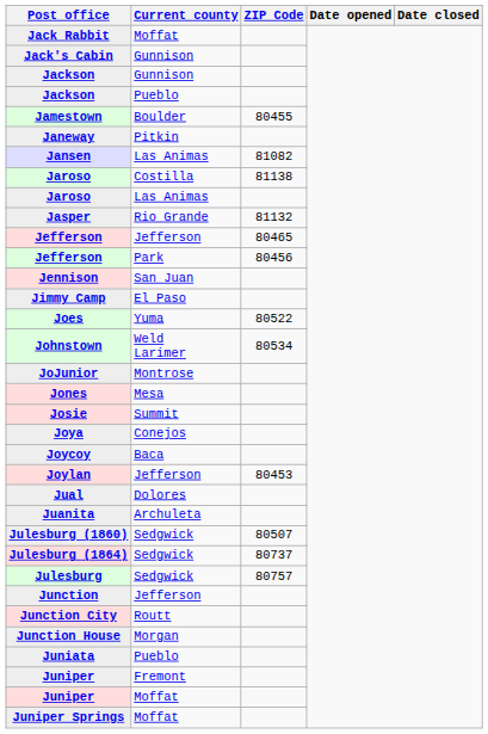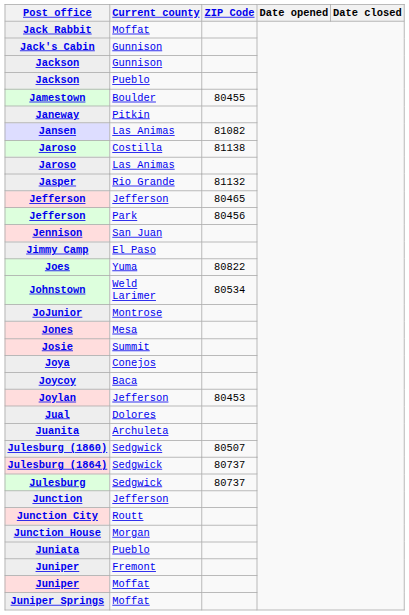 <table class="wikitable sortable  plainrowheaders" style="margin:auto;">
 <tr>
 <th scope=col><a href='#'>Post office</a></th>
 <th scope=col><a href='#'>Current county</a></th>
 <th scope=col><a href='#'>ZIP Code</a></th>
 <th scope=col>Date opened</th>
 <th scope=col>Date closed</th>
 </tr>
 <tr>
 <th scope=row rowspan=1 style="background-color:#EEEEEE;"><a href='#'>Jack Rabbit</a></th>
 <td rowspan=1><a href='#'>Moffat</a></td>
 <td rowspan=1 align=center style="font-family:monospace;"><br> </td>
 </tr>
 <tr>
 <th scope=row rowspan=1 style="background-color:#EEEEEE;"><a href='#'>Jack's Cabin</a></th>
 <td rowspan=1><a href='#'>Gunnison</a></td>
 <td rowspan=1 align=center style="font-family:monospace;"><br> </td>
 </tr>
 <tr>
 <th scope=row rowspan=1 style="background-color:#EEEEEE;"><a href='#'>Jackson</a></th>
 <td rowspan=1><a href='#'>Gunnison</a></td>
 <td rowspan=1 align=center style="font-family:monospace;"><br> </td>
 </tr>
 <tr>
 <th scope=row rowspan=1 style="background-color:#EEEEEE;"><a href='#'>Jackson</a></th>
 <td rowspan=1><a href='#'>Pueblo</a></td>
 <td rowspan=1 align=center style="font-family:monospace;"><br> </td>
 </tr>
 <tr>
 <th scope=row rowspan=2 style="background-color:#DDFFDD;"><a href='#'>Jamestown</a></th>
 <td rowspan=2><a href='#'>Boulder</a></td>
 <td rowspan=2 align=center style="font-family:monospace;">80455<br> </td>
 </tr>
 <tr>
 </tr>
 <tr>
 <th scope=row rowspan=1 style="background-color:#EEEEEE;"><a href='#'>Janeway</a></th>
 <td rowspan=1><a href='#'>Pitkin</a></td>
 <td rowspan=1 align=center style="font-family:monospace;"><br> </td>
 </tr>
 <tr>
 <th scope=row rowspan=3 style="background-color:#DDDDFF;"><a href='#'>Jansen</a></th>
 <td rowspan=3><a href='#'>Las Animas</a></td>
 <td rowspan=3 align=center style="font-family:monospace;">81082<br> </td>
 </tr>
 <tr>
 </tr>
 <tr>
 </tr>
 <tr>
 <th scope=row rowspan=1 style="background-color:#DDFFDD;"><a href='#'>Jaroso</a></th>
 <td rowspan=1><a href='#'>Costilla</a></td>
 <td rowspan=1 align=center style="font-family:monospace;">81138<br> </td>
 </tr>
 <tr>
 <th scope=row rowspan=1 style="background-color:#EEEEEE;"><a href='#'>Jaroso</a></th>
 <td rowspan=1><a href='#'>Las Animas</a></td>
 <td rowspan=1 align=center style="font-family:monospace;"><br> </td>
 </tr>
 <tr>
 <th scope=row rowspan=3 style="background-color:#EEEEEE;"><a href='#'>Jasper</a></th>
 <td rowspan=3><a href='#'>Rio Grande</a></td>
 <td rowspan=3 align=center style="font-family:monospace;">81132<br> </td>
 </tr>
 <tr>
 </tr>
 <tr>
 </tr>
 <tr>
 <th scope=row rowspan=1 style="background-color:#FFDDDD;"><a href='#'>Jefferson</a></th>
 <td rowspan=1><a href='#'>Jefferson</a></td>
 <td rowspan=1 align=center style="font-family:monospace;">80465<br> </td>
 </tr>
 <tr>
 <th scope=row rowspan=2 style="background-color:#DDFFDD;"><a href='#'>Jefferson</a></th>
 <td rowspan=2><a href='#'>Park</a></td>
 <td rowspan=2 align=center style="font-family:monospace;">80456<br> </td>
 </tr>
 <tr>
 </tr>
 <tr>
 <th scope=row rowspan=3 style="background-color:#FFDDDD;"><a href='#'>Jennison</a></th>
 <td rowspan=3><a href='#'>San Juan</a></td>
 <td rowspan=3 align=center style="font-family:monospace;"><br> </td>
 </tr>
 <tr>
 </tr>
 <tr>
 </tr>
 <tr>
 <th scope=row rowspan=1 style="background-color:#EEEEEE;"><a href='#'>Jimmy Camp</a></th>
 <td rowspan=1><a href='#'>El Paso</a></td>
 <td rowspan=1 align=center style="font-family:monospace;"><br> </td>
 </tr>
 <tr>
 <th scope=row rowspan=1 style="background-color:#DDFFDD;"><a href='#'>Joes</a></th>
 <td rowspan=1><a href='#'>Yuma</a></td>
-<td rowspan=1 align=center style="font-family:monospace;">80522<br> </td>
+<td rowspan=1 align=center style="font-family:monospace;">80822<br> </td>
 </tr>
 <tr>
 <th scope=row rowspan=1 style="background-color:#DDFFDD;"><a href='#'>Johnstown</a></th>
 <td rowspan=1><a href='#'>Weld</a><br><a href='#'>Larimer</a></td>
 <td rowspan=1 align=center style="font-family:monospace;">80534<br> </td>
 </tr>
 <tr>
 <th scope=row rowspan=1 style="background-color:#EEEEEE;"><a href='#'>JoJunior</a></th>
 <td rowspan=1><a href='#'>Montrose</a></td>
 <td rowspan=1 align=center style="font-family:monospace;"><br> </td>
 </tr>
 <tr>
 <th scope=row rowspan=1 style="background-color:#FFDDDD;"><a href='#'>Jones</a></th>
 <td rowspan=1><a href='#'>Mesa</a></td>
 <td rowspan=1 align=center style="font-family:monospace;"><br> </td>
 </tr>
 <tr>
 <th scope=row rowspan=1 style="background-color:#FFDDDD;"><a href='#'>Josie</a></th>
 <td rowspan=1><a href='#'>Summit</a></td>
 <td rowspan=1 align=center style="font-family:monospace;"><br> </td>
 </tr>
 <tr>
 <th scope=row rowspan=1 style="background-color:#EEEEEE;"><a href='#'>Joya</a></th>
 <td rowspan=1><a href='#'>Conejos</a></td>
 <td rowspan=1 align=center style="font-family:monospace;"><br> </td>
 </tr>
 <tr>
 <th scope=row rowspan=1 style="background-color:#EEEEEE;"><a href='#'>Joycoy</a></th>
 <td rowspan=1><a href='#'>Baca</a></td>
 <td rowspan=1 align=center style="font-family:monospace;"><br> </td>
 </tr>
 <tr>
 <th scope=row rowspan=1 style="background-color:#FFDDDD;"><a href='#'>Joylan</a></th>
 <td rowspan=1><a href='#'>Jefferson</a></td>
 <td rowspan=1 align=center style="font-family:monospace;">80453<br> </td>
 </tr>
 <tr>
 <th scope=row rowspan=1 style="background-color:#EEEEEE;"><a href='#'>Jual</a></th>
 <td rowspan=1><a href='#'>Dolores</a></td>
 <td rowspan=1 align=center style="font-family:monospace;"><br> </td>
 </tr>
 <tr>
 <th scope=row rowspan=1 style="background-color:#EEEEEE;"><a href='#'>Juanita</a></th>
 <td rowspan=1><a href='#'>Archuleta</a></td>
 <td rowspan=1 align=center style="font-family:monospace;"><br> </td>
 </tr>
 <tr>
 <th scope=row rowspan=1 style="background-color:#EEEEEE;"><a href='#'>Julesburg (1860)</a></th>
 <td rowspan=1><a href='#'>Sedgwick</a></td>
 <td rowspan=1 align=center style="font-family:monospace;">80507<br> </td>
 </tr>
 <tr>
 <th scope=row rowspan=8 style="background-color:#FFDDDD;"><a href='#'>Julesburg (1864)</a></th>
 <td rowspan=8><a href='#'>Sedgwick</a></td>
 <td rowspan=8 align=center style="font-family:monospace;">80737<br> </td>
 </tr>
 <tr>
 </tr>
 <tr>
 </tr>
 <tr>
 </tr>
 <tr>
 </tr>
 <tr>
 </tr>
 <tr>
 </tr>
 <tr>
 </tr>
 <tr>
 <th scope=row rowspan=1 style="background-color:#DDFFDD;"><a href='#'>Julesburg</a></th>
 <td rowspan=1><a href='#'>Sedgwick</a></td>
-<td rowspan=1 align=center style="font-family:monospace;">80757<br> </td>
+<td rowspan=1 align=center style="font-family:monospace;">80737<br> </td>
 </tr>
 <tr>
 <th scope=row rowspan=1 style="background-color:#EEEEEE;"><a href='#'>Junction</a></th>
 <td rowspan=1><a href='#'>Jefferson</a></td>
 <td rowspan=1 align=center style="font-family:monospace;"><br> </td>
 </tr>
 <tr>
 <th scope=row rowspan=1 style="background-color:#FFDDDD;"><a href='#'>Junction City</a></th>
 <td rowspan=1><a href='#'>Routt</a></td>
 <td rowspan=1 align=center style="font-family:monospace;"><br> </td>
 </tr>
 <tr>
 <th scope=row rowspan=1 style="background-color:#EEEEEE;"><a href='#'>Junction House</a></th>
 <td rowspan=1><a href='#'>Morgan</a></td>
 <td rowspan=1 align=center style="font-family:monospace;"><br> </td>
 </tr>
 <tr>
 <th scope=row rowspan=1 style="background-color:#EEEEEE;"><a href='#'>Juniata</a></th>
 <td rowspan=1><a href='#'>Pueblo</a></td>
 <td rowspan=1 align=center style="font-family:monospace;"><br> </td>
 </tr>
 <tr>
 <th scope=row rowspan=1 style="background-color:#EEEEEE;"><a href='#'>Juniper</a></th>
 <td rowspan=1><a href='#'>Fremont</a></td>
 <td rowspan=1 align=center style="font-family:monospace;"><br> </td>
 </tr>
 <tr>
 <th scope=row rowspan=1 style="background-color:#FFDDDD;"><a href='#'>Juniper</a></th>
 <td rowspan=1><a href='#'>Moffat</a></td>
 <td rowspan=1 align=center style="font-family:monospace;"><br> </td>
 </tr>
 <tr>
 <th scope=row rowspan=1 style="background-color:#EEEEEE;"><a href='#'>Juniper Springs</a></th>
 <td rowspan=1><a href='#'>Moffat</a></td>
 <td rowspan=1 align=center style="font-family:monospace;"><br> </td>
 </tr>
 </table>
